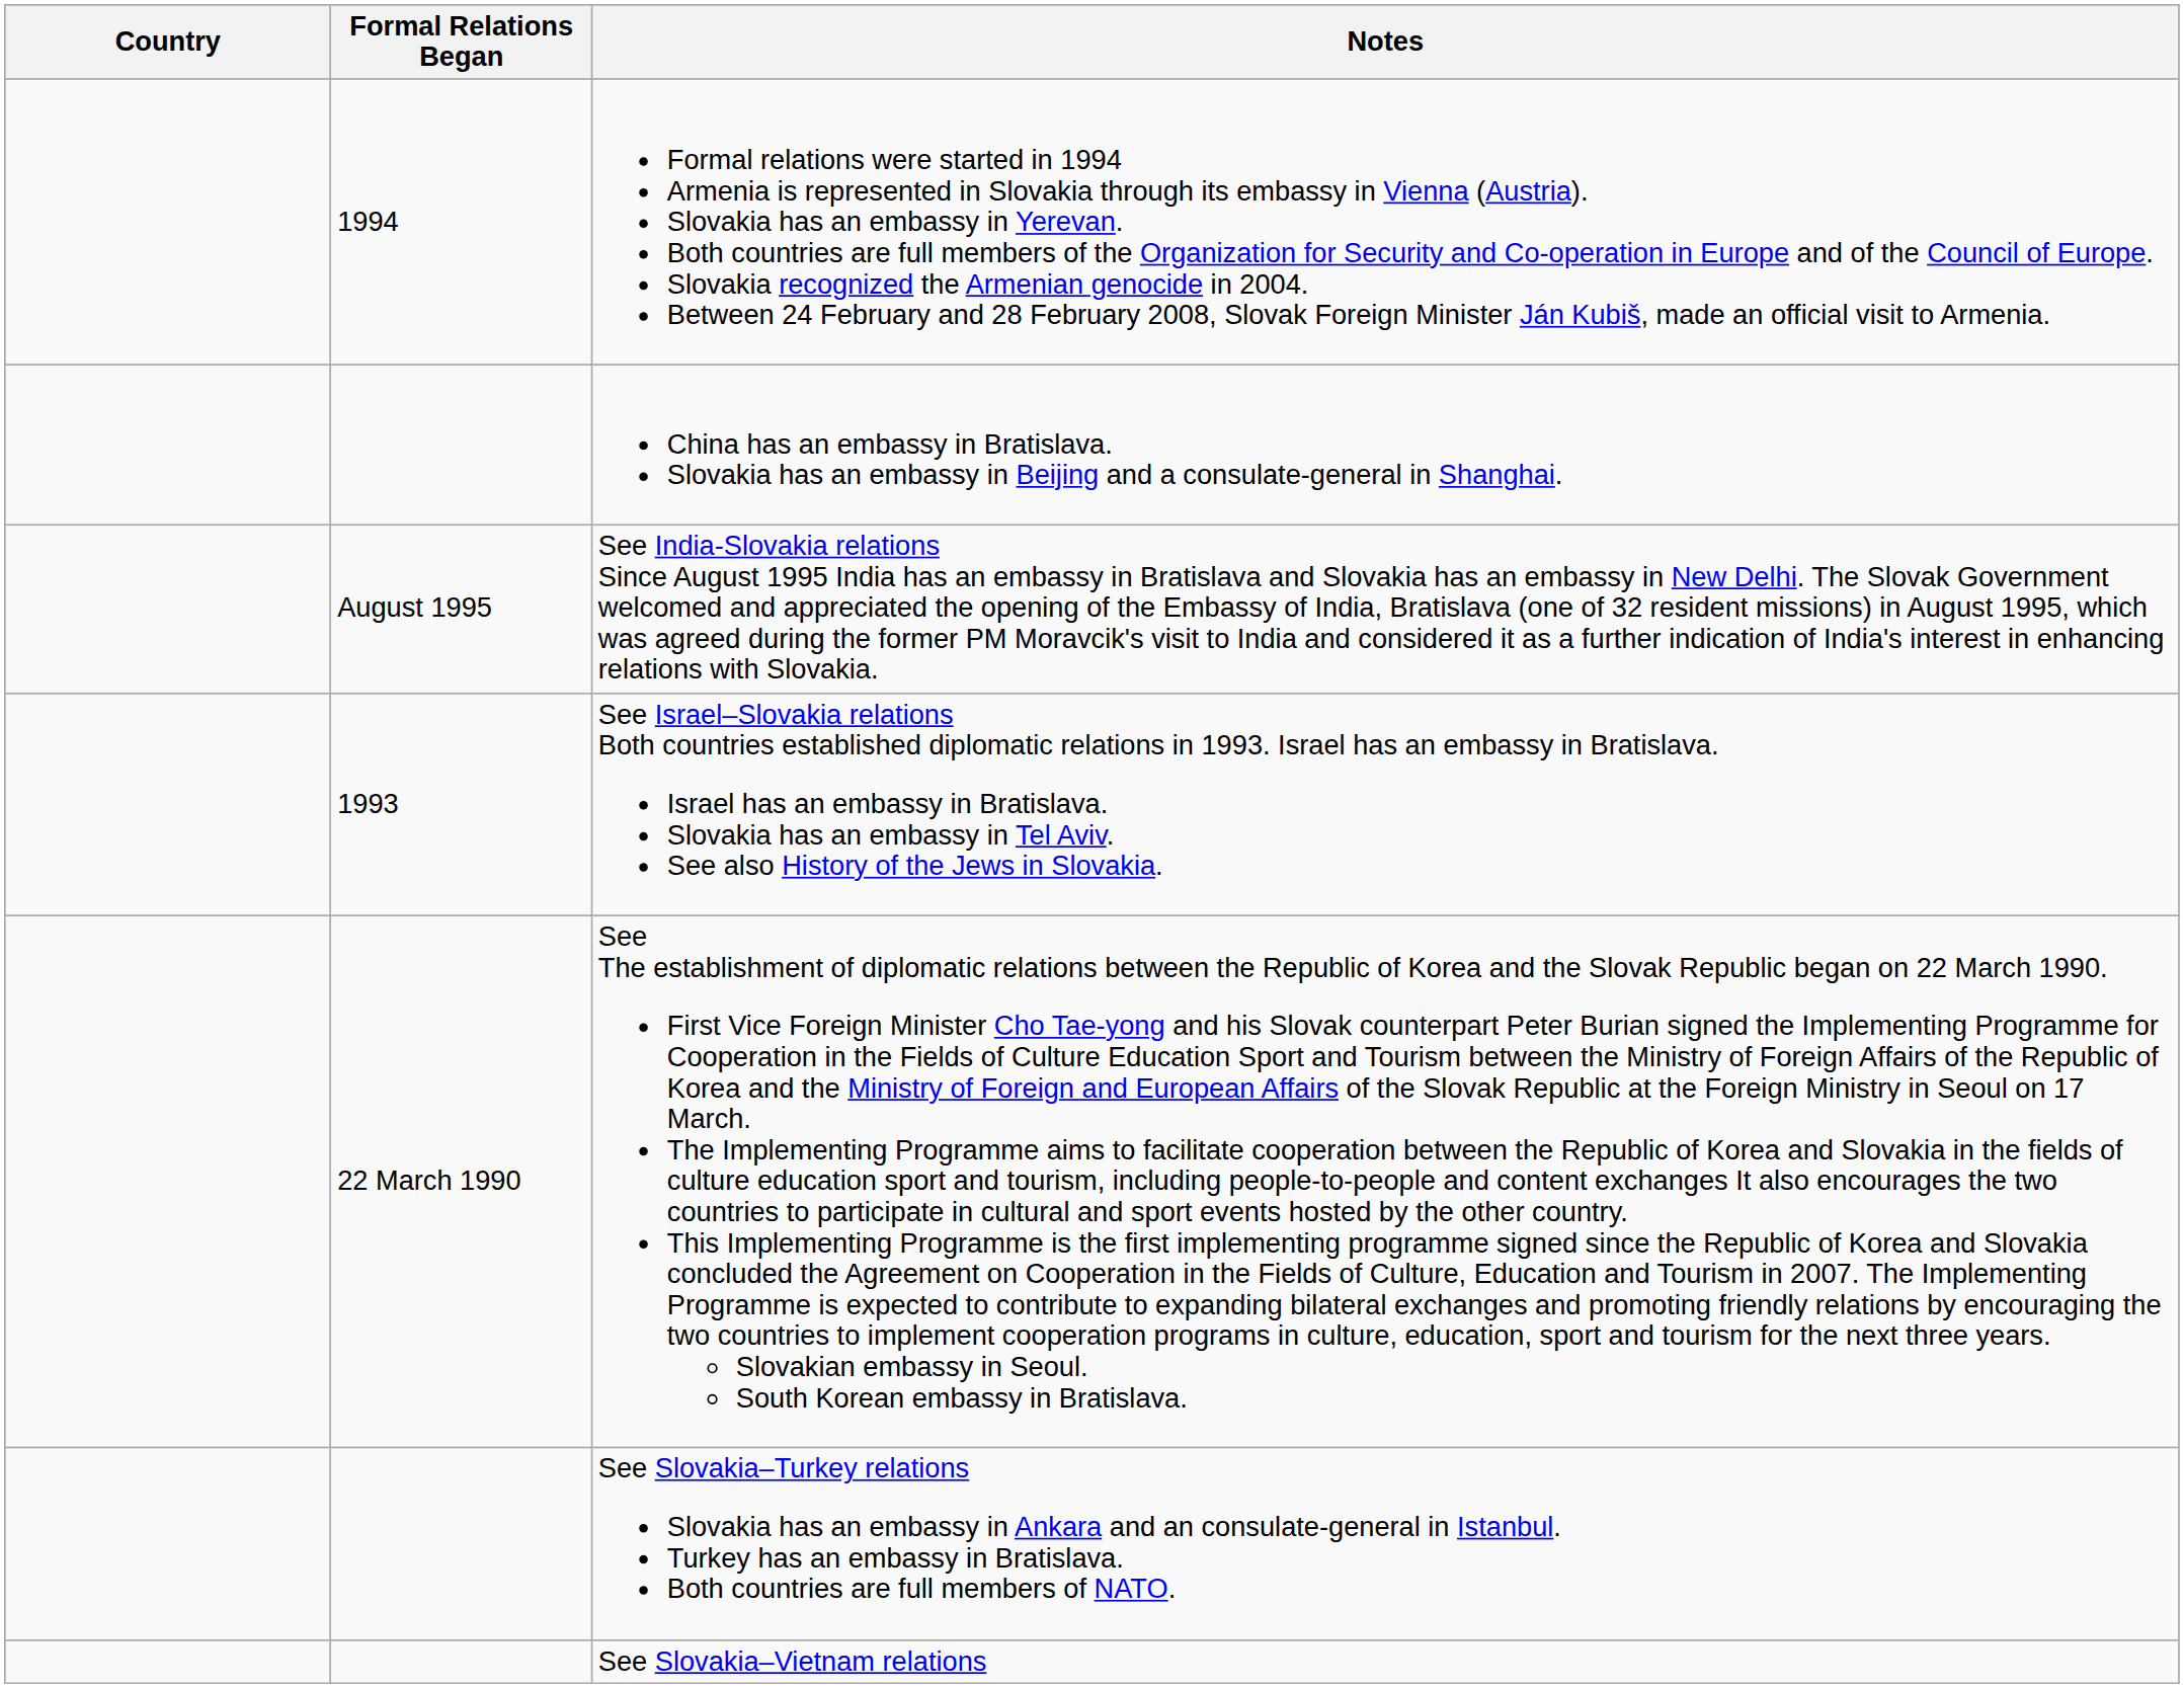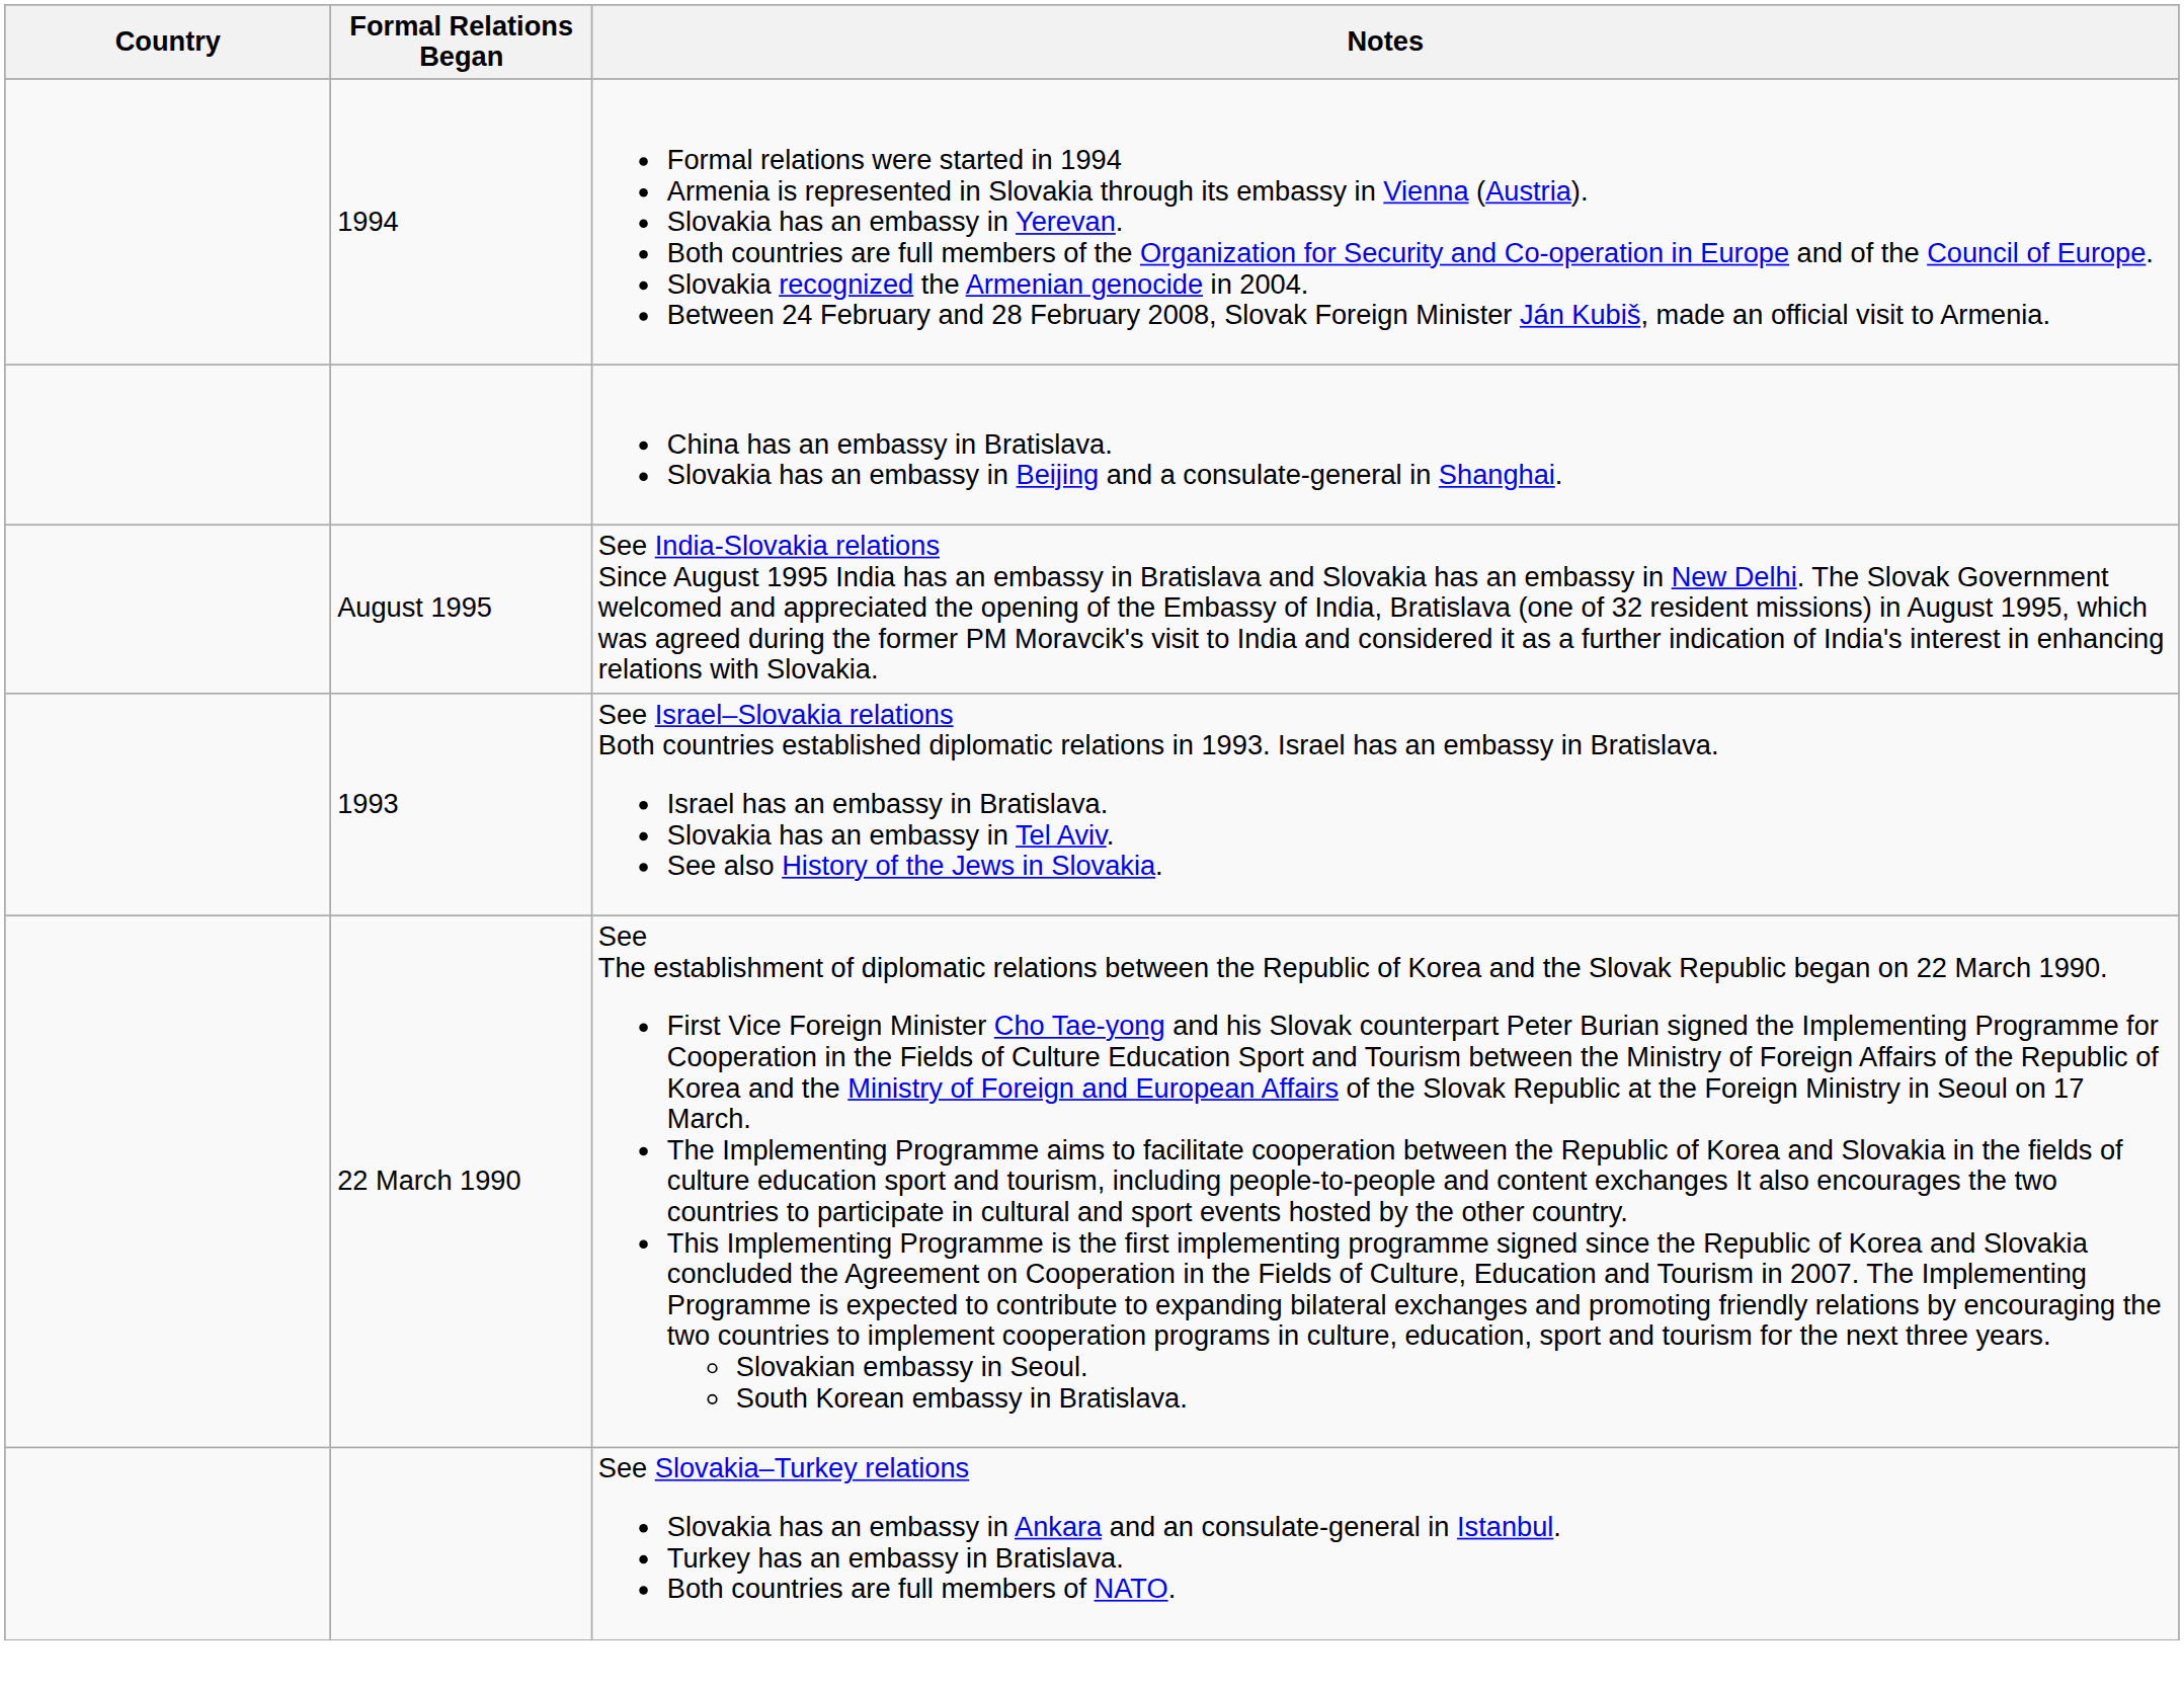 <table class="wikitable sortable" border="1" style="width:100%; margin:auto;">
 <tr>
 <th width="15%">Country</th>
 <th width="12%">Formal Relations Began</th>
 <th>Notes</th>
 </tr>
 <tr -valign="top">
 <td></td>
 <td>1994</td>
 <td><br><ul><li>Formal relations were started in 1994</li><li>Armenia is represented in Slovakia through its embassy in <a href='#'>Vienna</a> (<a href='#'>Austria</a>).</li><li>Slovakia has an embassy in <a href='#'>Yerevan</a>.</li><li>Both countries are full members of the <a href='#'>Organization for Security and Co-operation in Europe</a> and of the <a href='#'>Council of Europe</a>.</li><li>Slovakia <a href='#'>recognized</a> the <a href='#'>Armenian genocide</a> in 2004.</li><li>Between 24 February and 28 February 2008, Slovak Foreign Minister <a href='#'>Ján Kubiš</a>, made an official visit to Armenia.</li></ul></td>
 </tr>
 <tr -valign="top">
 <td></td>
 <td></td>
 <td><br><ul><li>China has an embassy in Bratislava.</li><li>Slovakia has an embassy in <a href='#'>Beijing</a> and a consulate-general in <a href='#'>Shanghai</a>.</li></ul></td>
 </tr>
 <tr -valign="top">
 <td></td>
 <td>August 1995</td>
 <td>See <a href='#'>India-Slovakia relations</a><br>Since August 1995 India has an embassy in Bratislava and Slovakia has an embassy in <a href='#'>New Delhi</a>. The Slovak Government welcomed and appreciated the opening of the Embassy of India, Bratislava (one of 32 resident missions) in August 1995, which was agreed during the former PM Moravcik's visit to India and considered it as a further indication of India's interest in enhancing relations with Slovakia.</td>
 </tr>
 <tr -valign="top">
 <td></td>
 <td>1993</td>
 <td>See <a href='#'>Israel–Slovakia relations</a><br>Both countries established diplomatic relations in 1993. Israel has an embassy in Bratislava.<ul><li>Israel has an embassy in Bratislava.</li><li>Slovakia has an embassy in <a href='#'>Tel Aviv</a>.</li><li>See also <a href='#'>History of the Jews in Slovakia</a>.</li></ul></td>
 </tr>
 <tr -valign="top">
 <td></td>
 <td>22 March 1990</td>
 <td>See <br>The establishment of diplomatic relations between the Republic of Korea and the Slovak Republic began on 22 March 1990.<ul><li>First Vice Foreign Minister <a href='#'>Cho Tae-yong</a> and his Slovak counterpart Peter Burian signed the Implementing Programme for Cooperation in the Fields of Culture Education Sport and Tourism between the Ministry of Foreign Affairs of the Republic of Korea and the <a href='#'>Ministry of Foreign and European Affairs</a> of the Slovak Republic at the Foreign Ministry in Seoul on 17 March.</li><li>The Implementing Programme aims to facilitate cooperation between the Republic of Korea and Slovakia in the fields of culture education sport and tourism, including people-to-people and content exchanges It also encourages the two countries to participate in cultural and sport events hosted by the other country.</li><li>This Implementing Programme is the first implementing programme signed since the Republic of Korea and Slovakia concluded the Agreement on Cooperation in the Fields of Culture, Education and Tourism in 2007. The Implementing Programme is expected to contribute to expanding bilateral exchanges and promoting friendly relations by encouraging the two countries to implement cooperation programs in culture, education, sport and tourism for the next three years.<ul><li>Slovakian embassy in Seoul.</li><li>South Korean embassy in Bratislava.</li></ul></li></ul></td>
 </tr>
 <tr -valign="top">
 <td></td>
 <td></td>
 <td>See <a href='#'>Slovakia–Turkey relations</a><br><ul><li>Slovakia has an embassy in <a href='#'>Ankara</a> and an consulate-general in <a href='#'>Istanbul</a>.</li><li>Turkey has an embassy in Bratislava.</li><li>Both countries are full members of <a href='#'>NATO</a>.</li></ul></td>
 </tr>
-<tr valign="top">
-<td></td>
-<td></td>
-<td>See <a href='#'>Slovakia–Vietnam relations</a></td>
-</tr>
 </table>
